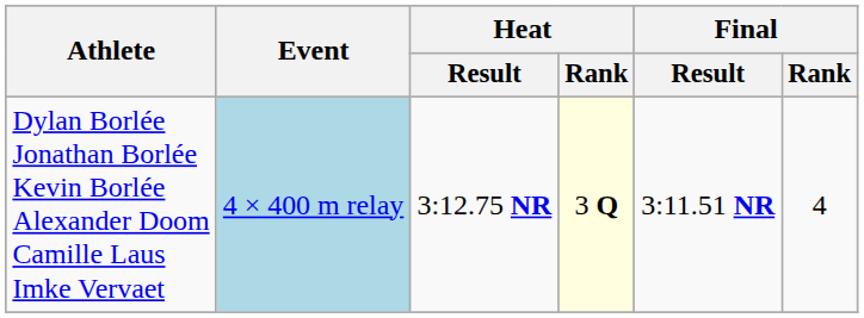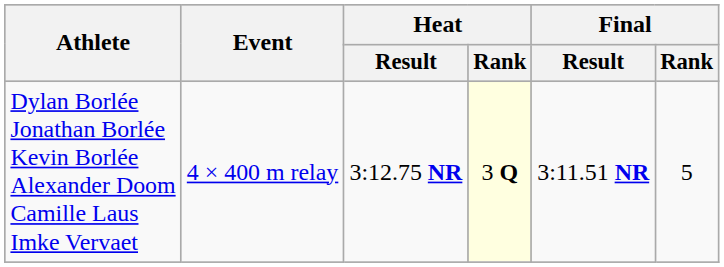 <table class="wikitable" style="font-size:90%">
 <tr>
 <th rowspan="2">Athlete</th>
 <th rowspan="2">Event</th>
 <th colspan="2">Heat</th>
 <th colspan="2">Final</th>
 </tr>
 <tr style="font-size:95%">
 <th>Result</th>
 <th>Rank</th>
 <th>Result</th>
 <th>Rank</th>
 </tr>
 <tr align=center>
 <td align=left><a href='#'>Dylan Borlée</a><br><a href='#'>Jonathan Borlée</a><br><a href='#'>Kevin Borlée</a><br><a href='#'>Alexander Doom</a><br><a href='#'>Camille Laus</a><br><a href='#'>Imke Vervaet</a></td>
-<td align=left style="background: lightblue;"><a href='#'>4 × 400 m relay</a></td>
+<td align=left><a href='#'>4 × 400 m relay</a></td>
 <td>3:12.75 <strong><a href='#'>NR</a></strong></td>
 <td style="background: lightyellow;">3 <strong>Q</strong></td>
 <td>3:11.51 <strong><a href='#'>NR</a></strong></td>
-<td>4</td>
+<td>5</td>
 </tr>
 </table>
